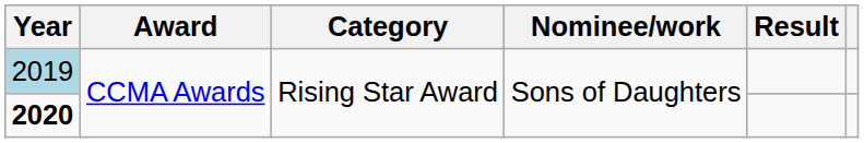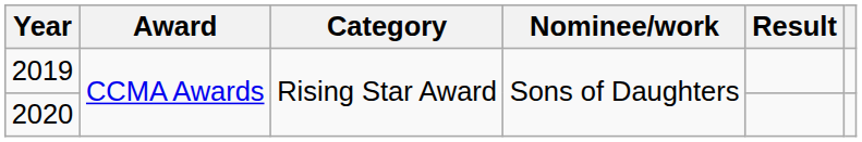 <table class="wikitable">
 <tr>
 <th>Year</th>
 <th>Award</th>
 <th>Category</th>
 <th>Nominee/work</th>
 <th>Result</th>
 <th></th>
 </tr>
 <tr>
-<td style="background: lightblue;">2019</td>
+<td>2019</td>
 <td rowspan="2"><a href='#'>CCMA Awards</a></td>
 <td rowspan="2">Rising Star Award</td>
 <td rowspan="2">Sons of Daughters</td>
 <td></td>
 <td></td>
 </tr>
 <tr>
-<td><strong>2020</strong></td>
+<td>2020</td>
 <td></td>
 <td></td>
 </tr>
 </table>
